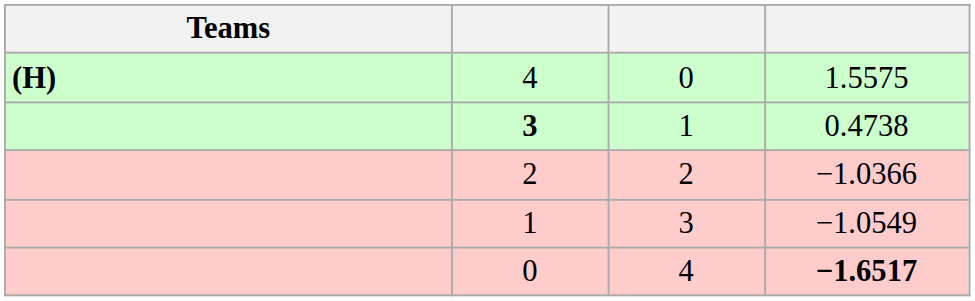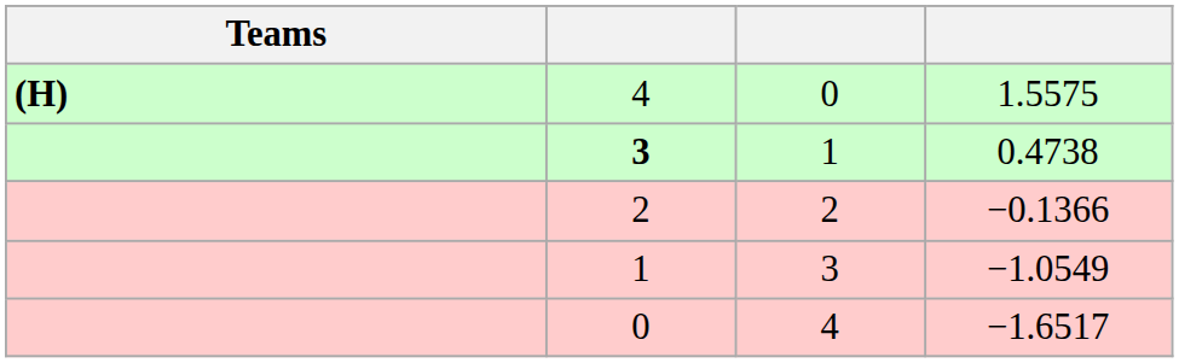 <table class="wikitable" width="40%" style="text-align:center;">
 <tr>
 <th width="20%">Teams</th>
 <th width="7%"></th>
 <th width="7%"></th>
 <th width="7%"></th>
 </tr>
 <tr bgcolor="#cfc">
 <td align=left> <strong>(H)</strong></td>
 <td>4</td>
 <td>0</td>
 <td>1.5575</td>
 </tr>
 <tr bgcolor=#cfc>
 <td align=left></td>
 <td><strong>3</strong></td>
 <td>1</td>
 <td>0.4738</td>
 </tr>
 <tr bgcolor=#fcc>
 <td align=left></td>
 <td>2</td>
 <td>2</td>
-<td>−1.0366</td>
+<td>−0.1366</td>
 </tr>
 <tr bgcolor=#fcc>
 <td align=left></td>
 <td>1</td>
 <td>3</td>
 <td>−1.0549</td>
 </tr>
 <tr bgcolor=#fcc>
 <td align=left></td>
 <td>0</td>
 <td>4</td>
-<td><strong>−1.6517</strong></td>
+<td>−1.6517</td>
 </tr>
 </table>
